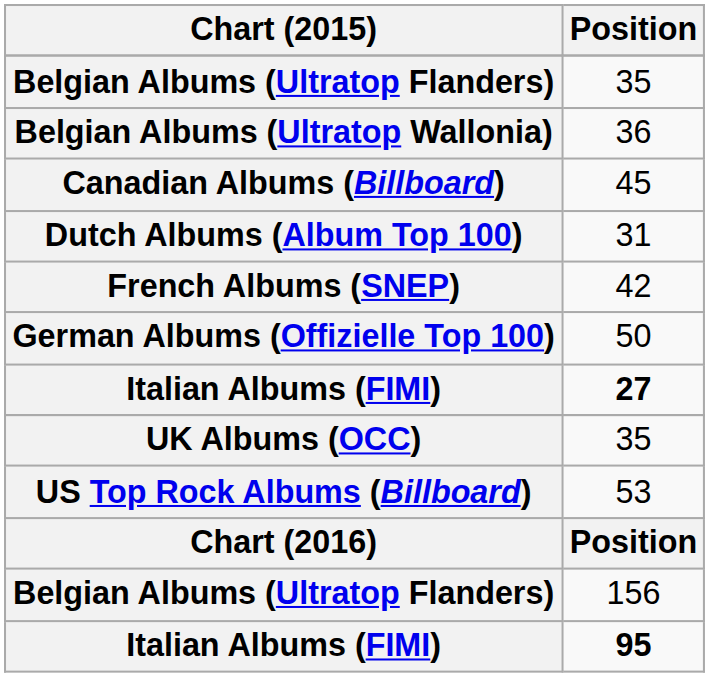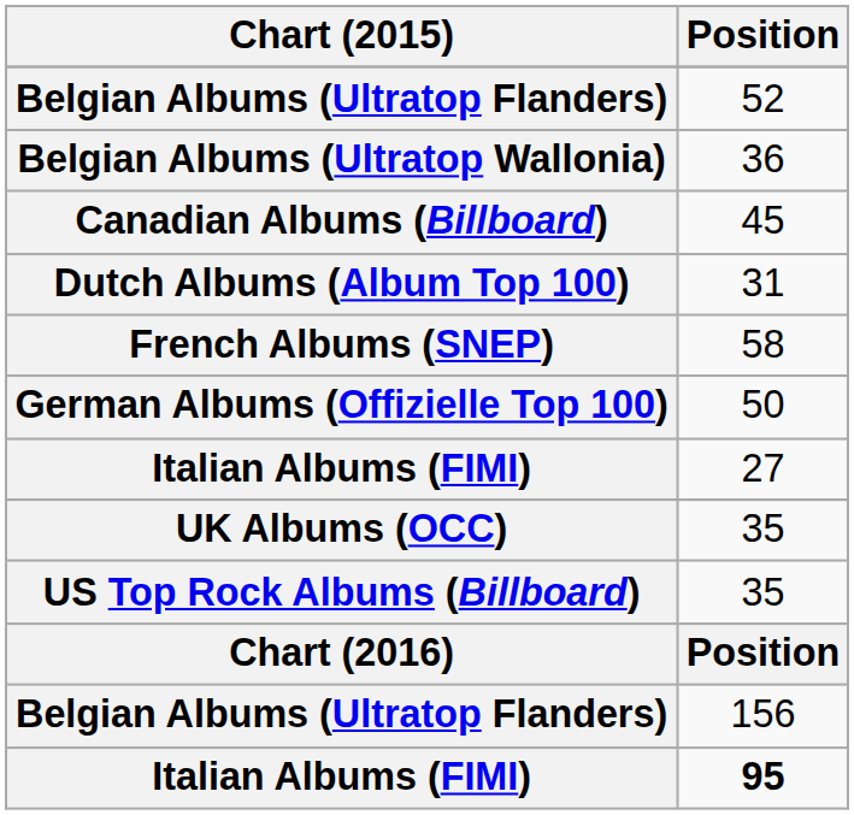 <table class="wikitable sortable plainrowheaders" style="text-align:center">
 <tr>
 <th scope="col">Chart (2015)</th>
 <th scope="col">Position</th>
 </tr>
 <tr>
 </tr>
 <tr>
 <th scope="row">Belgian Albums (<a href='#'>Ultratop</a> Flanders)</th>
-<td>35</td>
+<td>52</td>
 </tr>
 <tr>
 <th scope="row">Belgian Albums (<a href='#'>Ultratop</a> Wallonia)</th>
 <td>36</td>
 </tr>
 <tr>
 <th scope="row">Canadian Albums (<em><a href='#'>Billboard</a></em>)</th>
 <td>45</td>
 </tr>
 <tr>
 <th scope="row">Dutch Albums (<a href='#'>Album Top 100</a>)</th>
 <td>31</td>
 </tr>
 <tr>
 <th scope="row">French Albums (<a href='#'>SNEP</a>)</th>
-<td>42</td>
+<td>58</td>
 </tr>
 <tr>
 <th scope="row">German Albums (<a href='#'>Offizielle Top 100</a>)</th>
 <td>50</td>
 </tr>
 <tr>
 <th scope="row">Italian Albums (<a href='#'>FIMI</a>)</th>
-<td><strong>27</strong></td>
+<td>27</td>
 </tr>
 <tr>
 </tr>
 <tr>
 </tr>
 <tr>
 <th scope="row">UK Albums (<a href='#'>OCC</a>)</th>
 <td>35</td>
 </tr>
 <tr>
 <th scope="row">US <a href='#'>Top Rock Albums</a> (<em><a href='#'>Billboard</a></em>)</th>
-<td>53</td>
+<td>35</td>
 </tr>
 <tr>
 <th scope="col">Chart (2016)</th>
 <th scope="col">Position</th>
 </tr>
 <tr>
 <th scope="row">Belgian Albums (<a href='#'>Ultratop</a> Flanders)</th>
 <td>156</td>
 </tr>
 <tr>
 <th scope="row">Italian Albums (<a href='#'>FIMI</a>)</th>
 <td><strong>95</strong></td>
 </tr>
 </table>
